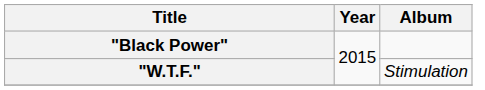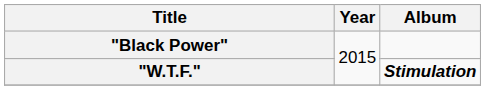 <table class="wikitable plainrowheaders" style="text-align:center;">
 <tr>
 <th scope="col" style="width:19em;">Title</th>
 <th scope="col">Year</th>
 <th scope="col">Album</th>
 </tr>
 <tr>
 <th scope="row">"Black Power"</th>
 <td rowspan="2">2015</td>
 <td></td>
 </tr>
 <tr>
 <th scope="row">"W.T.F."</th>
-<td><em>Stimulation</em></td>
+<td><strong><em>Stimulation</em></strong></td>
 </tr>
 <tr>
 </tr>
 </table>
